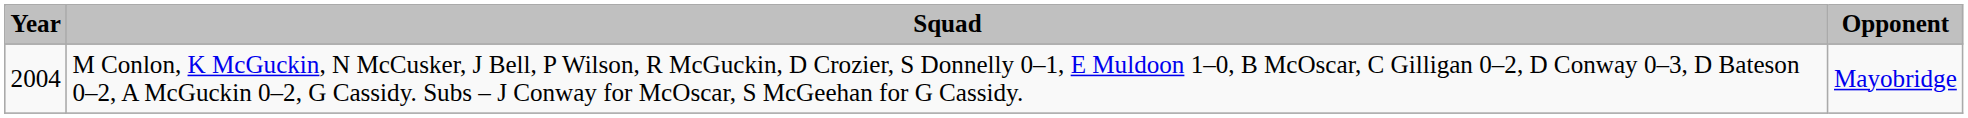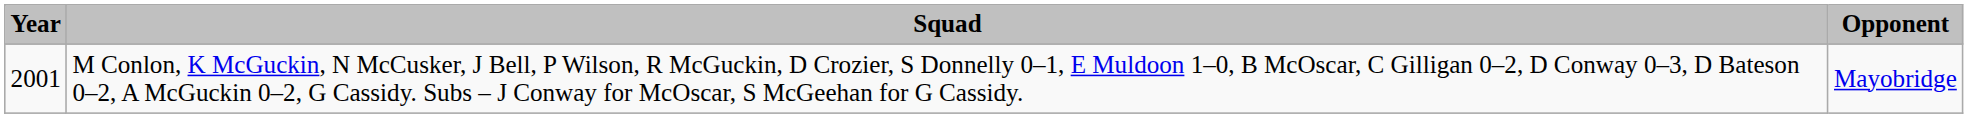 <table class="wikitable">
 <tr>
 <th style="background:silver;">Year</th>
 <th style="background:silver;">Squad</th>
 <th style="background:silver;">Opponent</th>
 </tr>
 <tr>
-<td>2004</td>
+<td>2001</td>
 <td>M Conlon, <a href='#'>K McGuckin</a>, N McCusker, J Bell, P Wilson, R McGuckin, D Crozier, S Donnelly 0–1, <a href='#'>E Muldoon</a> 1–0, B McOscar, C Gilligan 0–2, D Conway 0–3, D Bateson 0–2, A McGuckin 0–2, G Cassidy. Subs – J Conway for McOscar, S McGeehan for G Cassidy.</td>
 <td><a href='#'>Mayobridge</a></td>
 </tr>
 </table>
